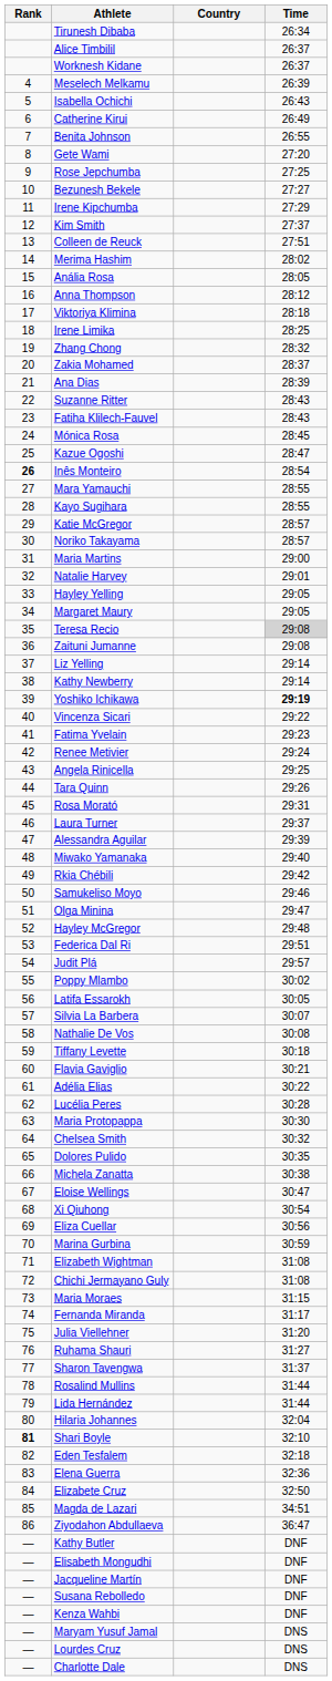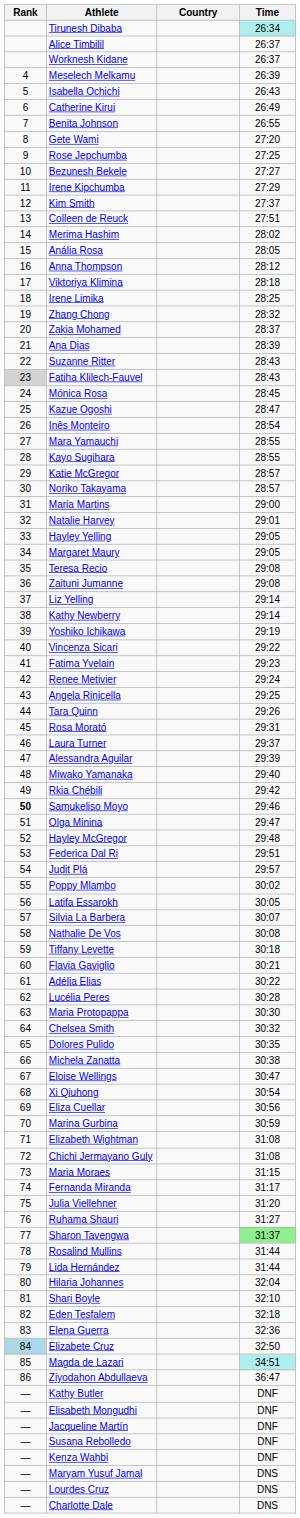 <table class="wikitable sortable" style=" text-align:center; font-size:95%;" width="50%">
 <tr>
 <th width=5%>Rank</th>
 <th width=20%>Athlete</th>
 <th width=15%>Country</th>
 <th width=10%>Time</th>
 </tr>
 <tr>
 <td align=center></td>
 <td align=left><a href='#'>Tirunesh Dibaba</a></td>
 <td align=left></td>
-<td>26:34</td>
+<td style="background: paleturquoise;">26:34</td>
 </tr>
 <tr>
 <td align=center></td>
 <td align=left><a href='#'>Alice Timbilil</a></td>
 <td align=left></td>
 <td>26:37</td>
 </tr>
 <tr>
 <td align=center></td>
 <td align=left><a href='#'>Worknesh Kidane</a></td>
 <td align=left></td>
 <td>26:37</td>
 </tr>
 <tr>
 <td align=center>4</td>
 <td align=left><a href='#'>Meselech Melkamu</a></td>
 <td align=left></td>
 <td>26:39</td>
 </tr>
 <tr>
 <td align=center>5</td>
 <td align=left><a href='#'>Isabella Ochichi</a></td>
 <td align=left></td>
 <td>26:43</td>
 </tr>
 <tr>
 <td align=center>6</td>
 <td align=left><a href='#'>Catherine Kirui</a></td>
 <td align=left></td>
 <td>26:49</td>
 </tr>
 <tr>
 <td align=center>7</td>
 <td align=left><a href='#'>Benita Johnson</a></td>
 <td align=left></td>
 <td>26:55</td>
 </tr>
 <tr>
 <td align=center>8</td>
 <td align=left><a href='#'>Gete Wami</a></td>
 <td align=left></td>
 <td>27:20</td>
 </tr>
 <tr>
 <td align=center>9</td>
 <td align=left><a href='#'>Rose Jepchumba</a></td>
 <td align=left></td>
 <td>27:25</td>
 </tr>
 <tr>
 <td align=center>10</td>
 <td align=left><a href='#'>Bezunesh Bekele</a></td>
 <td align=left></td>
 <td>27:27</td>
 </tr>
 <tr>
 <td align=center>11</td>
 <td align=left><a href='#'>Irene Kipchumba</a></td>
 <td align=left></td>
 <td>27:29</td>
 </tr>
 <tr>
 <td align=center>12</td>
 <td align=left><a href='#'>Kim Smith</a></td>
 <td align=left></td>
 <td>27:37</td>
 </tr>
 <tr>
 <td align=center>13</td>
 <td align=left><a href='#'>Colleen de Reuck</a></td>
 <td align=left></td>
 <td>27:51</td>
 </tr>
 <tr>
 <td align=center>14</td>
 <td align=left><a href='#'>Merima Hashim</a></td>
 <td align=left></td>
 <td>28:02</td>
 </tr>
 <tr>
 <td align=center>15</td>
 <td align=left><a href='#'>Anália Rosa</a></td>
 <td align=left></td>
 <td>28:05</td>
 </tr>
 <tr>
 <td align=center>16</td>
 <td align=left><a href='#'>Anna Thompson</a></td>
 <td align=left></td>
 <td>28:12</td>
 </tr>
 <tr>
 <td align=center>17</td>
 <td align=left><a href='#'>Viktoriya Klimina</a></td>
 <td align=left></td>
 <td>28:18</td>
 </tr>
 <tr>
 <td align=center>18</td>
 <td align=left><a href='#'>Irene Limika</a></td>
 <td align=left></td>
 <td>28:25</td>
 </tr>
 <tr>
 <td align=center>19</td>
 <td align=left><a href='#'>Zhang Chong</a></td>
 <td align=left></td>
 <td>28:32</td>
 </tr>
 <tr>
 <td align=center>20</td>
 <td align=left><a href='#'>Zakia Mohamed</a></td>
 <td align=left></td>
 <td>28:37</td>
 </tr>
 <tr>
 <td align=center>21</td>
 <td align=left><a href='#'>Ana Dias</a></td>
 <td align=left></td>
 <td>28:39</td>
 </tr>
 <tr>
 <td align=center>22</td>
 <td align=left><a href='#'>Suzanne Ritter</a></td>
 <td align=left></td>
 <td>28:43</td>
 </tr>
 <tr>
-<td align=center>23</td>
+<td align=center style="background: lightgrey;">23</td>
 <td align=left><a href='#'>Fatiha Klilech-Fauvel</a></td>
 <td align=left></td>
 <td>28:43</td>
 </tr>
 <tr>
 <td align=center>24</td>
 <td align=left><a href='#'>Mónica Rosa</a></td>
 <td align=left></td>
 <td>28:45</td>
 </tr>
 <tr>
 <td align=center>25</td>
 <td align=left><a href='#'>Kazue Ogoshi</a></td>
 <td align=left></td>
 <td>28:47</td>
 </tr>
 <tr>
-<td align=center><strong>26</strong></td>
+<td align=center>26</td>
 <td align=left><a href='#'>Inês Monteiro</a></td>
 <td align=left></td>
 <td>28:54</td>
 </tr>
 <tr>
 <td align=center>27</td>
 <td align=left><a href='#'>Mara Yamauchi</a></td>
 <td align=left></td>
 <td>28:55</td>
 </tr>
 <tr>
 <td align=center>28</td>
 <td align=left><a href='#'>Kayo Sugihara</a></td>
 <td align=left></td>
 <td>28:55</td>
 </tr>
 <tr>
 <td align=center>29</td>
 <td align=left><a href='#'>Katie McGregor</a></td>
 <td align=left></td>
 <td>28:57</td>
 </tr>
 <tr>
 <td align=center>30</td>
 <td align=left><a href='#'>Noriko Takayama</a></td>
 <td align=left></td>
 <td>28:57</td>
 </tr>
 <tr>
 <td align=center>31</td>
 <td align=left><a href='#'>Maria Martins</a></td>
 <td align=left></td>
 <td>29:00</td>
 </tr>
 <tr>
 <td align=center>32</td>
 <td align=left><a href='#'>Natalie Harvey</a></td>
 <td align=left></td>
 <td>29:01</td>
 </tr>
 <tr>
 <td align=center>33</td>
 <td align=left><a href='#'>Hayley Yelling</a></td>
 <td align=left></td>
 <td>29:05</td>
 </tr>
 <tr>
 <td align=center>34</td>
 <td align=left><a href='#'>Margaret Maury</a></td>
 <td align=left></td>
 <td>29:05</td>
 </tr>
 <tr>
 <td align=center>35</td>
 <td align=left><a href='#'>Teresa Recio</a></td>
 <td align=left></td>
-<td style="background: lightgrey;">29:08</td>
+<td>29:08</td>
 </tr>
 <tr>
 <td align=center>36</td>
 <td align=left><a href='#'>Zaituni Jumanne</a></td>
 <td align=left></td>
 <td>29:08</td>
 </tr>
 <tr>
 <td align=center>37</td>
 <td align=left><a href='#'>Liz Yelling</a></td>
 <td align=left></td>
 <td>29:14</td>
 </tr>
 <tr>
 <td align=center>38</td>
 <td align=left><a href='#'>Kathy Newberry</a></td>
 <td align=left></td>
 <td>29:14</td>
 </tr>
 <tr>
 <td align=center>39</td>
 <td align=left><a href='#'>Yoshiko Ichikawa</a></td>
 <td align=left></td>
-<td><strong>29:19</strong></td>
+<td>29:19</td>
 </tr>
 <tr>
 <td align=center>40</td>
 <td align=left><a href='#'>Vincenza Sicari</a></td>
 <td align=left></td>
 <td>29:22</td>
 </tr>
 <tr>
 <td align=center>41</td>
 <td align=left><a href='#'>Fatima Yvelain</a></td>
 <td align=left></td>
 <td>29:23</td>
 </tr>
 <tr>
 <td align=center>42</td>
 <td align=left><a href='#'>Renee Metivier</a></td>
 <td align=left></td>
 <td>29:24</td>
 </tr>
 <tr>
 <td align=center>43</td>
 <td align=left><a href='#'>Angela Rinicella</a></td>
 <td align=left></td>
 <td>29:25</td>
 </tr>
 <tr>
 <td align=center>44</td>
 <td align=left><a href='#'>Tara Quinn</a></td>
 <td align=left></td>
 <td>29:26</td>
 </tr>
 <tr>
 <td align=center>45</td>
 <td align=left><a href='#'>Rosa Morató</a></td>
 <td align=left></td>
 <td>29:31</td>
 </tr>
 <tr>
 <td align=center>46</td>
 <td align=left><a href='#'>Laura Turner</a></td>
 <td align=left></td>
 <td>29:37</td>
 </tr>
 <tr>
 <td align=center>47</td>
 <td align=left><a href='#'>Alessandra Aguilar</a></td>
 <td align=left></td>
 <td>29:39</td>
 </tr>
 <tr>
 <td align=center>48</td>
 <td align=left><a href='#'>Miwako Yamanaka</a></td>
 <td align=left></td>
 <td>29:40</td>
 </tr>
 <tr>
 <td align=center>49</td>
 <td align=left><a href='#'>Rkia Chébili</a></td>
 <td align=left></td>
 <td>29:42</td>
 </tr>
 <tr>
-<td align=center>50</td>
+<td align=center><strong>50</strong></td>
 <td align=left><a href='#'>Samukeliso Moyo</a></td>
 <td align=left></td>
 <td>29:46</td>
 </tr>
 <tr>
 <td align=center>51</td>
 <td align=left><a href='#'>Olga Minina</a></td>
 <td align=left></td>
 <td>29:47</td>
 </tr>
 <tr>
 <td align=center>52</td>
 <td align=left><a href='#'>Hayley McGregor</a></td>
 <td align=left></td>
 <td>29:48</td>
 </tr>
 <tr>
 <td align=center>53</td>
 <td align=left><a href='#'>Federica Dal Ri</a></td>
 <td align=left></td>
 <td>29:51</td>
 </tr>
 <tr>
 <td align=center>54</td>
 <td align=left><a href='#'>Judit Plá</a></td>
 <td align=left></td>
 <td>29:57</td>
 </tr>
 <tr>
 <td align=center>55</td>
 <td align=left><a href='#'>Poppy Mlambo</a></td>
 <td align=left></td>
 <td>30:02</td>
 </tr>
 <tr>
 <td align=center>56</td>
 <td align=left><a href='#'>Latifa Essarokh</a></td>
 <td align=left></td>
 <td>30:05</td>
 </tr>
 <tr>
 <td align=center>57</td>
 <td align=left><a href='#'>Silvia La Barbera</a></td>
 <td align=left></td>
 <td>30:07</td>
 </tr>
 <tr>
 <td align=center>58</td>
 <td align=left><a href='#'>Nathalie De Vos</a></td>
 <td align=left></td>
 <td>30:08</td>
 </tr>
 <tr>
 <td align=center>59</td>
 <td align=left><a href='#'>Tiffany Levette</a></td>
 <td align=left></td>
 <td>30:18</td>
 </tr>
 <tr>
 <td align=center>60</td>
 <td align=left><a href='#'>Flavia Gaviglio</a></td>
 <td align=left></td>
 <td>30:21</td>
 </tr>
 <tr>
 <td align=center>61</td>
 <td align=left><a href='#'>Adélia Elias</a></td>
 <td align=left></td>
 <td>30:22</td>
 </tr>
 <tr>
 <td align=center>62</td>
 <td align=left><a href='#'>Lucélia Peres</a></td>
 <td align=left></td>
 <td>30:28</td>
 </tr>
 <tr>
 <td align=center>63</td>
 <td align=left><a href='#'>Maria Protopappa</a></td>
 <td align=left></td>
 <td>30:30</td>
 </tr>
 <tr>
 <td align=center>64</td>
 <td align=left><a href='#'>Chelsea Smith</a></td>
 <td align=left></td>
 <td>30:32</td>
 </tr>
 <tr>
 <td align=center>65</td>
 <td align=left><a href='#'>Dolores Pulido</a></td>
 <td align=left></td>
 <td>30:35</td>
 </tr>
 <tr>
 <td align=center>66</td>
 <td align=left><a href='#'>Michela Zanatta</a></td>
 <td align=left></td>
 <td>30:38</td>
 </tr>
 <tr>
 <td align=center>67</td>
 <td align=left><a href='#'>Eloise Wellings</a></td>
 <td align=left></td>
 <td>30:47</td>
 </tr>
 <tr>
 <td align=center>68</td>
 <td align=left><a href='#'>Xi Qiuhong</a></td>
 <td align=left></td>
 <td>30:54</td>
 </tr>
 <tr>
 <td align=center>69</td>
 <td align=left><a href='#'>Eliza Cuellar</a></td>
 <td align=left></td>
 <td>30:56</td>
 </tr>
 <tr>
 <td align=center>70</td>
 <td align=left><a href='#'>Marina Gurbina</a></td>
 <td align=left></td>
 <td>30:59</td>
 </tr>
 <tr>
 <td align=center>71</td>
 <td align=left><a href='#'>Elizabeth Wightman</a></td>
 <td align=left></td>
 <td>31:08</td>
 </tr>
 <tr>
 <td align=center>72</td>
 <td align=left><a href='#'>Chichi Jermayano Guly</a></td>
 <td align=left></td>
 <td>31:08</td>
 </tr>
 <tr>
 <td align=center>73</td>
 <td align=left><a href='#'>Maria Moraes</a></td>
 <td align=left></td>
 <td>31:15</td>
 </tr>
 <tr>
 <td align=center>74</td>
 <td align=left><a href='#'>Fernanda Miranda</a></td>
 <td align=left></td>
 <td>31:17</td>
 </tr>
 <tr>
 <td align=center>75</td>
 <td align=left><a href='#'>Julia Viellehner</a></td>
 <td align=left></td>
 <td>31:20</td>
 </tr>
 <tr>
 <td align=center>76</td>
 <td align=left><a href='#'>Ruhama Shauri</a></td>
 <td align=left></td>
 <td>31:27</td>
 </tr>
 <tr>
 <td align=center>77</td>
 <td align=left><a href='#'>Sharon Tavengwa</a></td>
 <td align=left></td>
-<td>31:37</td>
+<td style="background: lightgreen;">31:37</td>
 </tr>
 <tr>
 <td align=center>78</td>
 <td align=left><a href='#'>Rosalind Mullins</a></td>
 <td align=left></td>
 <td>31:44</td>
 </tr>
 <tr>
 <td align=center>79</td>
 <td align=left><a href='#'>Lida Hernández</a></td>
 <td align=left></td>
 <td>31:44</td>
 </tr>
 <tr>
 <td align=center>80</td>
 <td align=left><a href='#'>Hilaria Johannes</a></td>
 <td align=left></td>
 <td>32:04</td>
 </tr>
 <tr>
-<td align=center><strong>81</strong></td>
+<td align=center>81</td>
 <td align=left><a href='#'>Shari Boyle</a></td>
 <td align=left></td>
 <td>32:10</td>
 </tr>
 <tr>
 <td align=center>82</td>
 <td align=left><a href='#'>Eden Tesfalem</a></td>
 <td align=left></td>
 <td>32:18</td>
 </tr>
 <tr>
 <td align=center>83</td>
 <td align=left><a href='#'>Elena Guerra</a></td>
 <td align=left></td>
 <td>32:36</td>
 </tr>
 <tr>
-<td align=center>84</td>
+<td align=center style="background: lightblue;">84</td>
 <td align=left><a href='#'>Elizabete Cruz</a></td>
 <td align=left></td>
 <td>32:50</td>
 </tr>
 <tr>
 <td align=center>85</td>
 <td align=left><a href='#'>Magda de Lazari</a></td>
 <td align=left></td>
-<td>34:51</td>
+<td style="background: paleturquoise;">34:51</td>
 </tr>
 <tr>
 <td align=center>86</td>
 <td align=left><a href='#'>Ziyodahon Abdullaeva</a></td>
 <td align=left></td>
 <td>36:47</td>
 </tr>
 <tr>
 <td align=center>—</td>
 <td align=left><a href='#'>Kathy Butler</a></td>
 <td align=left></td>
 <td>DNF</td>
 </tr>
 <tr>
 <td align=center>—</td>
 <td align=left><a href='#'>Elisabeth Mongudhi</a></td>
 <td align=left></td>
 <td>DNF</td>
 </tr>
 <tr>
 <td align=center>—</td>
 <td align=left><a href='#'>Jacqueline Martín</a></td>
 <td align=left></td>
 <td>DNF</td>
 </tr>
 <tr>
 <td align=center>—</td>
 <td align=left><a href='#'>Susana Rebolledo</a></td>
 <td align=left></td>
 <td>DNF</td>
 </tr>
 <tr>
 <td align=center>—</td>
 <td align=left><a href='#'>Kenza Wahbi</a></td>
 <td align=left></td>
 <td>DNF</td>
 </tr>
 <tr>
 <td align=center>—</td>
 <td align=left><a href='#'>Maryam Yusuf Jamal</a></td>
 <td align=left></td>
 <td>DNS</td>
 </tr>
 <tr>
 <td align=center>—</td>
 <td align=left><a href='#'>Lourdes Cruz</a></td>
 <td align=left></td>
 <td>DNS</td>
 </tr>
 <tr>
 <td align=center>—</td>
 <td align=left><a href='#'>Charlotte Dale</a></td>
 <td align=left></td>
 <td>DNS</td>
 </tr>
 </table>
